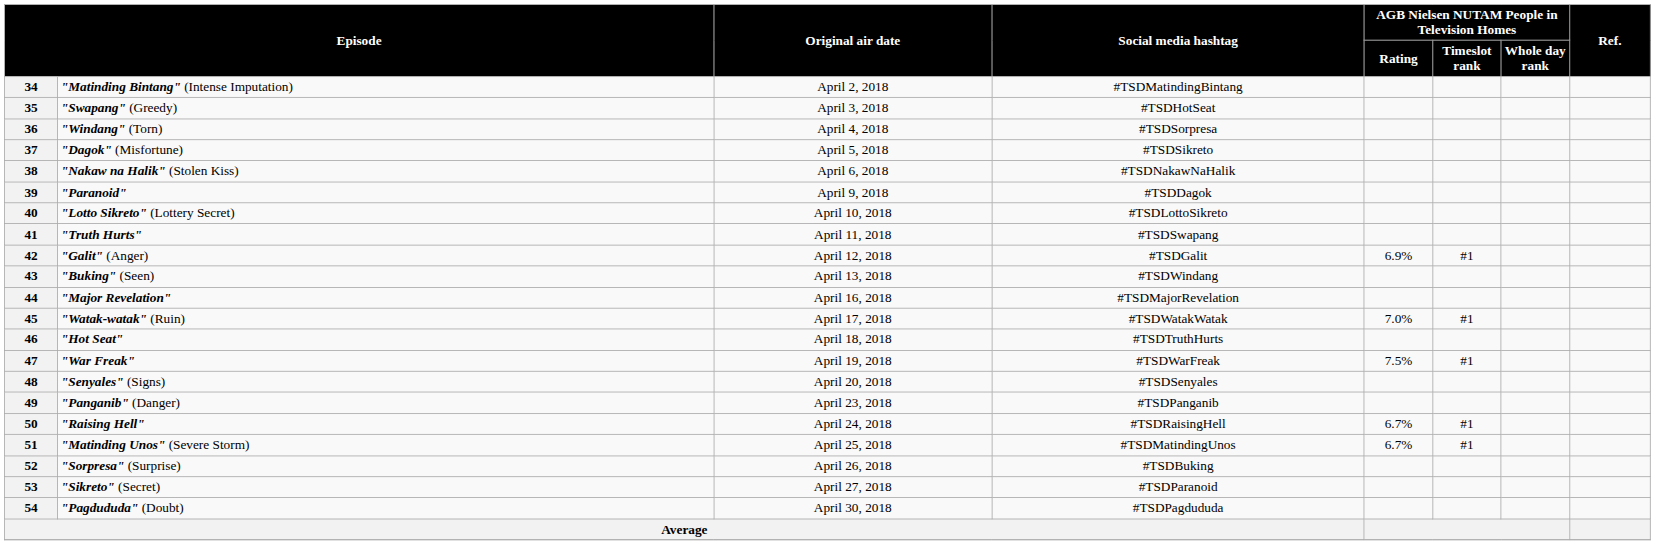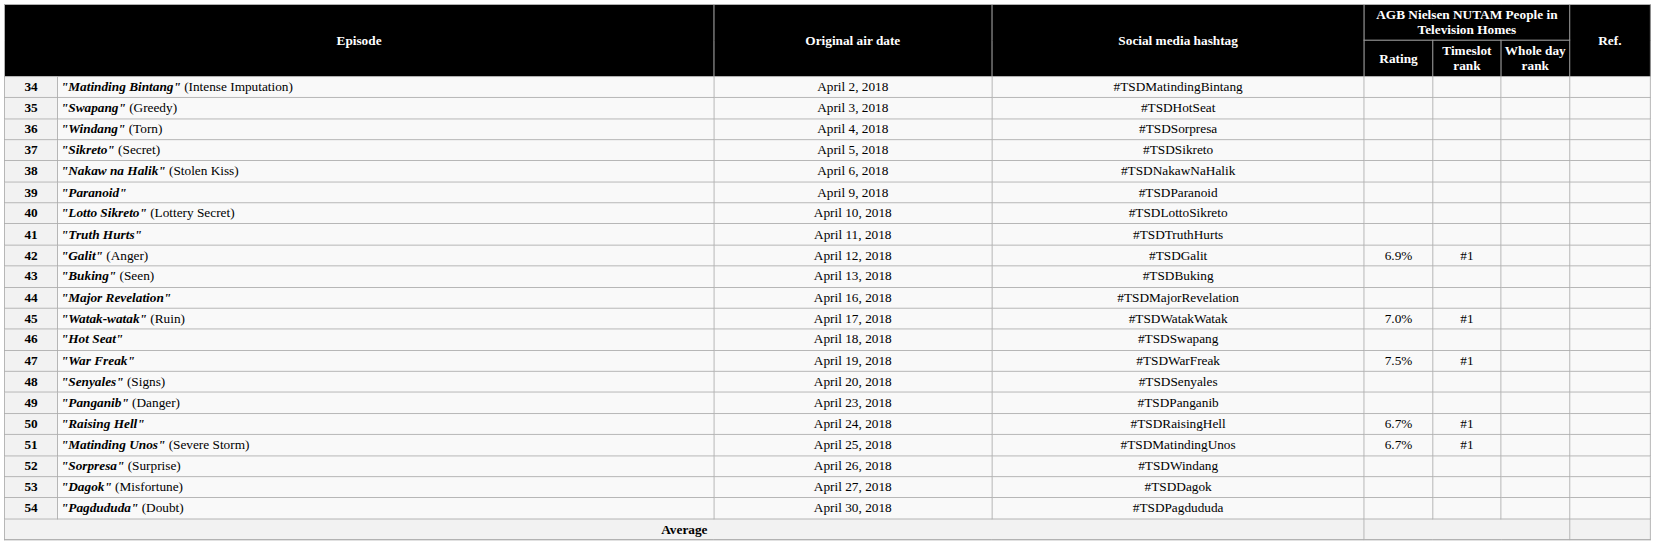 <table class="wikitable" style="text-align:center; font-size:100%; line-height:18px;" width="100%">
 <tr>
 <th style="background-color:#000000; color:#ffffff;" colspan="2" rowspan="2">Episode</th>
 <th style="background-color:#000000; color:white" rowspan="2">Original air date</th>
 <th style="background-color:#000000; color:white" rowspan="2">Social media hashtag</th>
 <th style="background-color:#000000; color:#ffffff;" colspan="3">AGB Nielsen NUTAM People in Television Homes</th>
 <th style="background-color:#000000; color:#ffffff;" rowspan="2">Ref.</th>
 </tr>
 <tr>
 <th style="background-color:#000000; width:75px; color:#ffffff;">Rating</th>
 <th style="background-color:#000000; width:75px; color:#ffffff;">Timeslot<br>rank</th>
 <th style="background-color:#000000; width:75px; color:#ffffff;">Whole day<br>rank</th>
 </tr>
 <tr>
 <th>34</th>
 <td style="text-align: left;"><strong><em>"Matinding Bintang"</em></strong> (Intense Imputation)</td>
 <td>April 2, 2018</td>
 <td>#TSDMatindingBintang</td>
 <td></td>
 <td></td>
 <td></td>
 <td></td>
 </tr>
 <tr>
 <th>35</th>
 <td style="text-align: left;"><strong><em>"Swapang"</em></strong> (Greedy)</td>
 <td>April 3, 2018</td>
 <td>#TSDHotSeat</td>
 <td></td>
 <td></td>
 <td></td>
 <td></td>
 </tr>
 <tr>
 <th>36</th>
 <td style="text-align: left;"><strong><em>"Windang"</em></strong> (Torn)</td>
 <td>April 4, 2018</td>
 <td>#TSDSorpresa</td>
 <td></td>
 <td></td>
 <td></td>
 <td></td>
 </tr>
 <tr>
 <th>37</th>
-<td style="text-align: left;"><strong><em>"Dagok"</em></strong> (Misfortune)</td>
+<td style="text-align: left;"><strong><em>"Sikreto"</em></strong> (Secret)</td>
 <td>April 5, 2018</td>
 <td>#TSDSikreto</td>
 <td></td>
 <td></td>
 <td></td>
 <td></td>
 </tr>
 <tr>
 <th>38</th>
 <td style="text-align: left;"><strong><em>"Nakaw na Halik"</em></strong> (Stolen Kiss)</td>
 <td>April 6, 2018</td>
 <td>#TSDNakawNaHalik</td>
 <td></td>
 <td></td>
 <td></td>
 <td></td>
 </tr>
 <tr>
 <th>39</th>
 <td style="text-align: left;"><strong><em>"Paranoid"</em></strong></td>
 <td>April 9, 2018</td>
-<td>#TSDDagok</td>
+<td>#TSDParanoid</td>
 <td></td>
 <td></td>
 <td></td>
 <td></td>
 </tr>
 <tr>
 <th>40</th>
 <td style="text-align: left;"><strong><em>"Lotto Sikreto"</em></strong> (Lottery Secret)</td>
 <td>April 10, 2018</td>
 <td>#TSDLottoSikreto</td>
 <td></td>
 <td></td>
 <td></td>
 <td></td>
 </tr>
 <tr>
 <th>41</th>
 <td style="text-align: left;"><strong><em>"Truth Hurts"</em></strong></td>
 <td>April 11, 2018</td>
-<td>#TSDSwapang</td>
+<td>#TSDTruthHurts</td>
 <td></td>
 <td></td>
 <td></td>
 <td></td>
 </tr>
 <tr>
 <th>42</th>
 <td style="text-align: left;"><strong><em>"Galit"</em></strong> (Anger)</td>
 <td>April 12, 2018</td>
 <td>#TSDGalit</td>
 <td>6.9%</td>
 <td>#1</td>
 <td></td>
 <td></td>
 </tr>
 <tr>
 <th>43</th>
 <td style="text-align: left;"><strong><em>"Buking"</em></strong> (Seen)</td>
 <td>April 13, 2018</td>
-<td>#TSDWindang</td>
+<td>#TSDBuking</td>
 <td></td>
 <td></td>
 <td></td>
 <td></td>
 </tr>
 <tr>
 <th>44</th>
 <td style="text-align: left;"><strong><em>"Major Revelation"</em></strong></td>
 <td>April 16, 2018</td>
 <td>#TSDMajorRevelation</td>
 <td></td>
 <td></td>
 <td></td>
 <td></td>
 </tr>
 <tr>
 <th>45</th>
 <td style="text-align: left;"><strong><em>"Watak-watak"</em></strong> (Ruin)</td>
 <td>April 17, 2018</td>
 <td>#TSDWatakWatak</td>
 <td>7.0%</td>
 <td>#1</td>
 <td></td>
 <td></td>
 </tr>
 <tr>
 <th>46</th>
 <td style="text-align: left;"><strong><em>"Hot Seat"</em></strong></td>
 <td>April 18, 2018</td>
-<td>#TSDTruthHurts</td>
+<td>#TSDSwapang</td>
 <td></td>
 <td></td>
 <td></td>
 <td></td>
 </tr>
 <tr>
 <th>47</th>
 <td style="text-align: left;"><strong><em>"War Freak"</em></strong></td>
 <td>April 19, 2018</td>
 <td>#TSDWarFreak</td>
 <td>7.5%</td>
 <td>#1</td>
 <td></td>
 <td></td>
 </tr>
 <tr>
 <th>48</th>
 <td style="text-align: left;"><strong><em>"Senyales"</em></strong> (Signs)</td>
 <td>April 20, 2018</td>
 <td>#TSDSenyales</td>
 <td></td>
 <td></td>
 <td></td>
 <td></td>
 </tr>
 <tr>
 <th>49</th>
 <td style="text-align: left;"><strong><em>"Panganib"</em></strong> (Danger)</td>
 <td>April 23, 2018</td>
 <td>#TSDPanganib</td>
 <td></td>
 <td></td>
 <td></td>
 <td></td>
 </tr>
 <tr>
 <th>50</th>
 <td style="text-align: left;"><strong><em>"Raising Hell"</em></strong></td>
 <td>April 24, 2018</td>
 <td>#TSDRaisingHell</td>
 <td>6.7%</td>
 <td>#1</td>
 <td></td>
 <td></td>
 </tr>
 <tr>
 <th>51</th>
 <td style="text-align: left;"><strong><em>"Matinding Unos"</em></strong> (Severe Storm)</td>
 <td>April 25, 2018</td>
 <td>#TSDMatindingUnos</td>
 <td>6.7%</td>
 <td>#1</td>
 <td></td>
 <td></td>
 </tr>
 <tr>
 <th>52</th>
 <td style="text-align: left;"><strong><em>"Sorpresa"</em></strong> (Surprise)</td>
 <td>April 26, 2018</td>
-<td>#TSDBuking</td>
+<td>#TSDWindang</td>
 <td></td>
 <td></td>
 <td></td>
 <td></td>
 </tr>
 <tr>
 <th>53</th>
-<td style="text-align: left;"><strong><em>"Sikreto"</em></strong> (Secret)</td>
+<td style="text-align: left;"><strong><em>"Dagok"</em></strong> (Misfortune)</td>
 <td>April 27, 2018</td>
-<td>#TSDParanoid</td>
+<td>#TSDDagok</td>
 <td></td>
 <td></td>
 <td></td>
 <td></td>
 </tr>
 <tr>
 <th>54</th>
 <td style="text-align: left;"><strong><em>"Pagdududa"</em></strong> (Doubt)</td>
 <td>April 30, 2018</td>
 <td>#TSDPagdududa</td>
 <td></td>
 <td></td>
 <td></td>
 <td></td>
 </tr>
 <tr>
 <th colspan="4">Average</th>
 <th colspan="3"></th>
 <th></th>
 </tr>
 <tr>
 </tr>
 </table>
